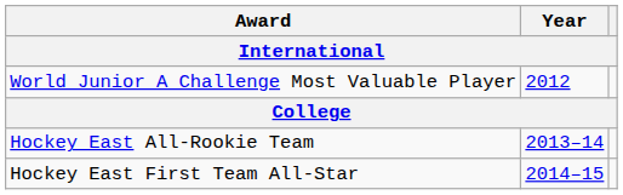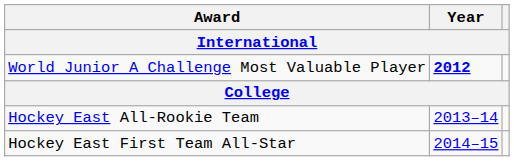 <table class="wikitable">
 <tr>
 <th>Award</th>
 <th>Year</th>
 <th></th>
 </tr>
 <tr>
 <th colspan="3"><a href='#'>International</a></th>
 </tr>
 <tr>
 <td><a href='#'>World Junior A Challenge</a> Most Valuable Player</td>
-<td><a href='#'>2012</a></td>
+<td><strong><a href='#'>2012</a></strong></td>
 <td></td>
 </tr>
 <tr>
 <th colspan="3"><a href='#'>College</a></th>
 </tr>
 <tr>
 <td><a href='#'>Hockey East</a> All-Rookie Team</td>
 <td><a href='#'>2013–14</a></td>
 <td></td>
 </tr>
 <tr>
 <td>Hockey East First Team All-Star</td>
 <td><a href='#'>2014–15</a></td>
 <td></td>
 </tr>
 </table>
